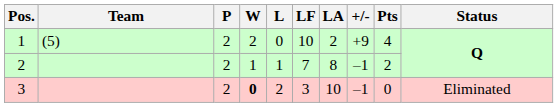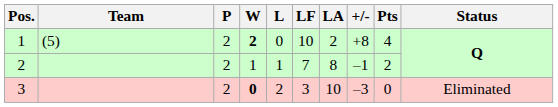 <table class="wikitable" style="text-align:center; margin: 1em auto 1em auto, align:left">
 <tr>
 <th width=20>Pos.</th>
 <th width=175>Team</th>
 <th width=20>P</th>
 <th width=20>W</th>
 <th width=20>L</th>
 <th width=20>LF</th>
 <th width=20>LA</th>
 <th width=20>+/-</th>
 <th width=20>Pts</th>
 <th width=150>Status</th>
 </tr>
 <tr style="background:#CCFFCC;">
 <td>1</td>
 <td style="text-align:left;"><strong></strong> (5)</td>
 <td>2</td>
-<td>2</td>
+<td><strong>2</strong></td>
 <td>0</td>
 <td>10</td>
 <td>2</td>
-<td>+9</td>
+<td>+8</td>
 <td>4</td>
 <td rowspan=2><strong>Q</strong></td>
 </tr>
 <tr style="background:#CCFFCC;">
 <td>2</td>
 <td style="text-align:left;"><strong></strong></td>
 <td>2</td>
 <td>1</td>
 <td>1</td>
 <td>7</td>
 <td>8</td>
 <td>–1</td>
 <td>2</td>
 </tr>
 <tr style="background:#FFCCCC;">
 <td>3</td>
 <td style="text-align:left;"></td>
 <td>2</td>
 <td><strong>0</strong></td>
 <td>2</td>
 <td>3</td>
 <td>10</td>
-<td>–1</td>
+<td>–3</td>
 <td>0</td>
 <td>Eliminated</td>
 </tr>
 </table>
